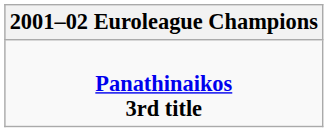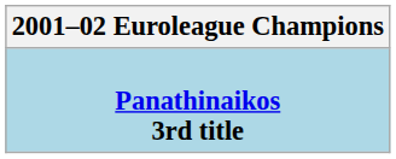 <table class=wikitable style="text-align:center; margin:auto">
 <tr>
 <th>2001–02 Euroleague Champions</th>
 </tr>
 <tr>
-<td><br> <strong><a href='#'>Panathinaikos</a></strong> <br> <strong>3rd title</strong></td>
+<td style="background: lightblue;"><br> <strong><a href='#'>Panathinaikos</a></strong> <br> <strong>3rd title</strong></td>
 </tr>
 </table>
